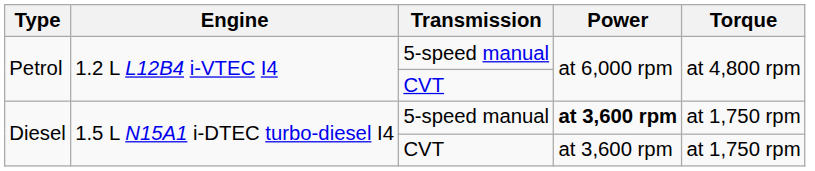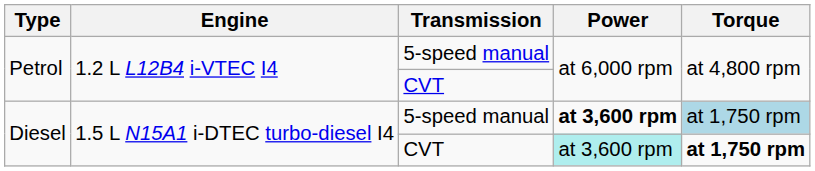 <table class="wikitable">
 <tr>
 <th>Type</th>
 <th>Engine</th>
 <th>Transmission</th>
 <th>Power</th>
 <th>Torque</th>
 </tr>
 <tr>
 <td rowspan="2">Petrol</td>
 <td rowspan="2">1.2 L <em><a href='#'>L12B4</a></em> <a href='#'>i-VTEC</a> <a href='#'>I4</a></td>
 <td>5-speed <a href='#'>manual</a></td>
 <td rowspan="2"> at 6,000 rpm</td>
 <td rowspan="2"> at 4,800 rpm</td>
 </tr>
 <tr>
 <td><a href='#'>CVT</a></td>
 </tr>
 <tr>
 <td rowspan="2">Diesel</td>
 <td rowspan="2">1.5 L <em><a href='#'>N15A1</a></em> i-DTEC <a href='#'>turbo-diesel</a> I4</td>
 <td>5-speed manual</td>
 <td><strong> at 3,600 rpm</strong></td>
-<td> at 1,750 rpm</td>
+<td style="background: lightblue;"> at 1,750 rpm</td>
 </tr>
 <tr>
 <td>CVT</td>
-<td> at 3,600 rpm</td>
-<td> at 1,750 rpm</td>
+<td style="background: paleturquoise;"> at 3,600 rpm</td>
+<td><strong> at 1,750 rpm</strong></td>
 </tr>
 </table>
